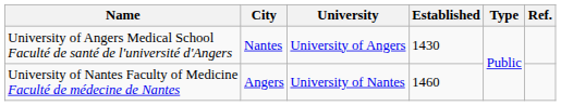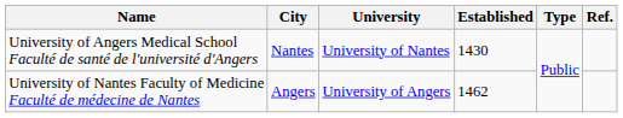 <table class="wikitable">
 <tr>
 <th>Name</th>
 <th>City</th>
 <th>University</th>
 <th>Established</th>
 <th>Type</th>
 <th>Ref.</th>
 </tr>
 <tr>
 <td>University of Angers Medical School<br><em>Faculté de santé de l'université d'Angers</em></td>
 <td><a href='#'>Nantes</a></td>
-<td><a href='#'>University of Angers</a></td>
+<td><a href='#'>University of Nantes</a></td>
 <td>1430</td>
 <td rowspan="2"><a href='#'>Public</a></td>
 <td></td>
 </tr>
 <tr>
 <td>University of Nantes Faculty of Medicine<br><a href='#'><em>Faculté de médecine de Nantes</em></a></td>
 <td><a href='#'>Angers</a></td>
-<td><a href='#'>University of Nantes</a></td>
-<td>1460</td>
+<td><a href='#'>University of Angers</a></td>
+<td>1462</td>
 <td></td>
 </tr>
 </table>
